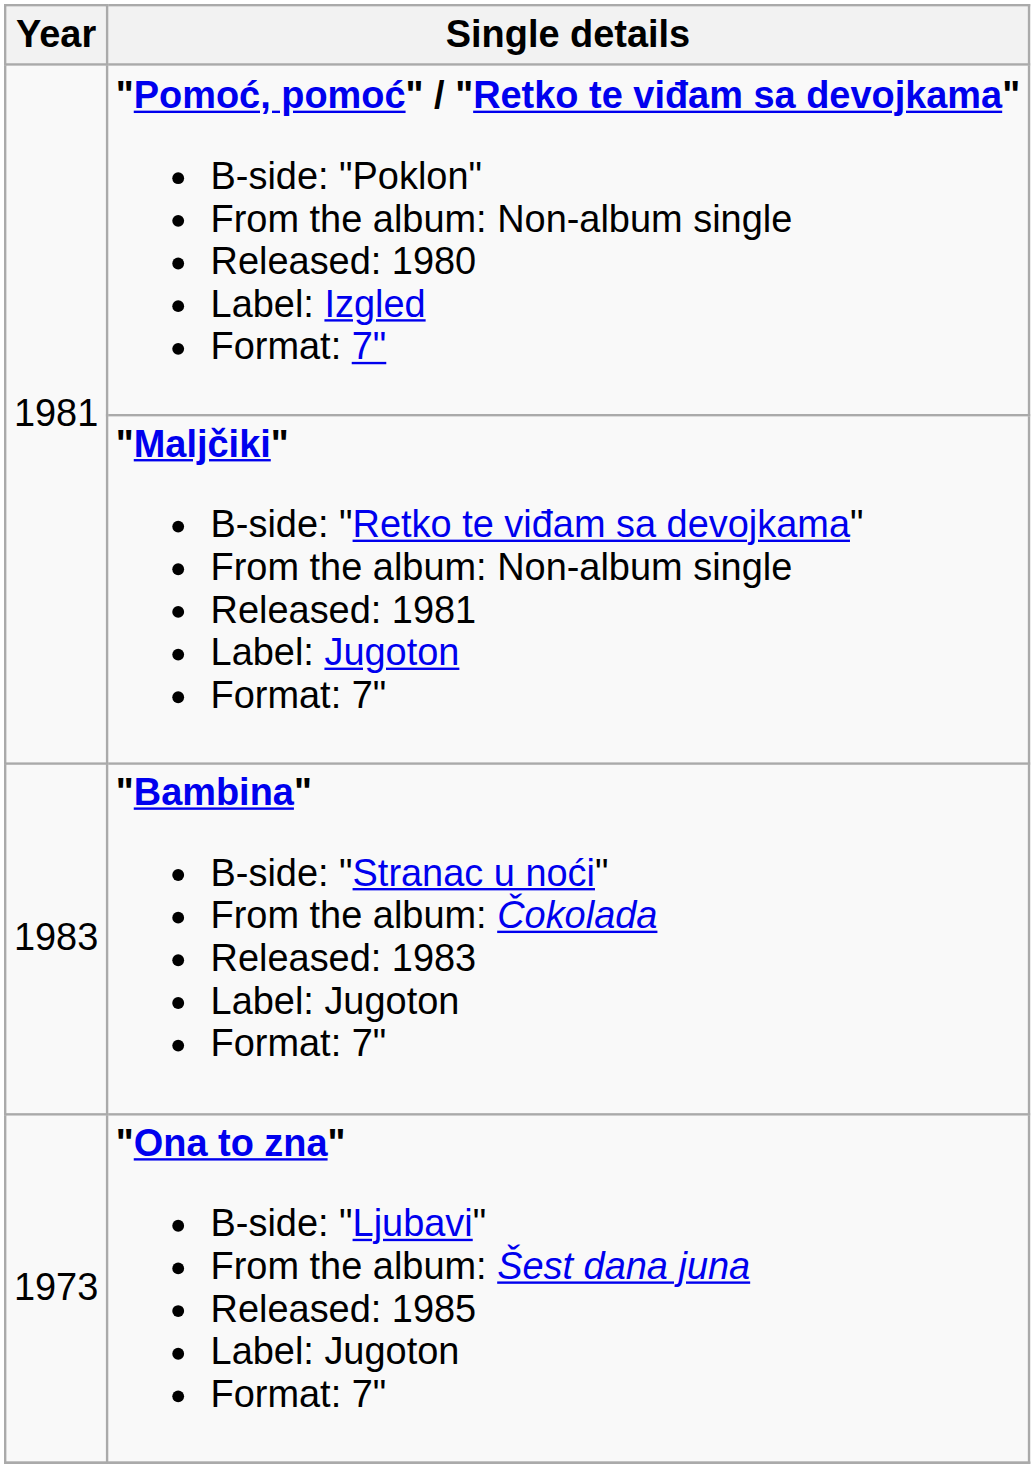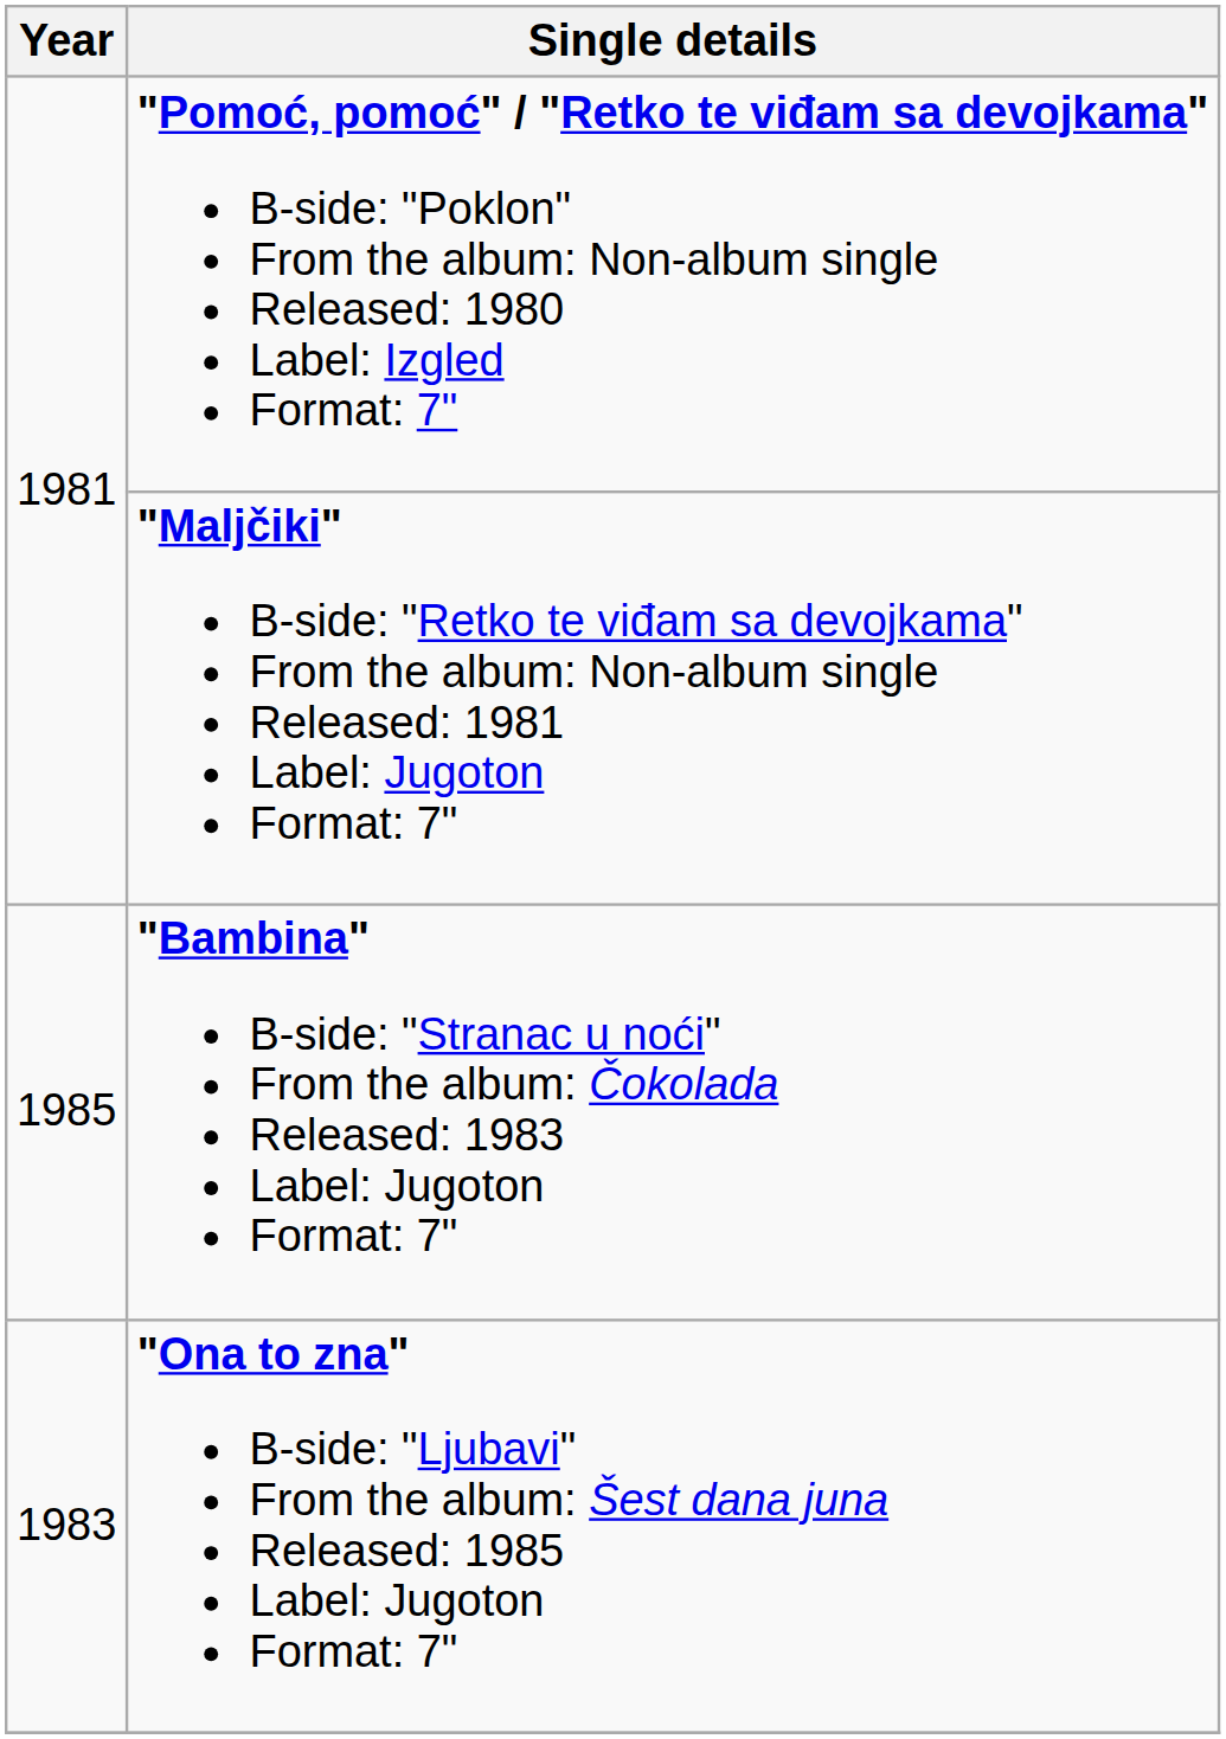 <table class ="wikitable">
 <tr>
 <th>Year</th>
 <th>Single details</th>
 </tr>
 <tr>
 <td align="center" rowspan="2">1981</td>
 <td><strong>"<a href='#'>Pomoć, pomoć</a>" / "<a href='#'>Retko te viđam sa devojkama</a>"</strong><br><ul><li>B-side: "Poklon"</li><li>From the album: Non-album single</li><li>Released: 1980</li><li>Label: <a href='#'>Izgled</a></li><li>Format: <a href='#'>7"</a></li></ul></td>
 </tr>
 <tr>
 <td><strong>"<a href='#'>Maljčiki</a>"</strong><br><ul><li>B-side: "<a href='#'>Retko te viđam sa devojkama</a>"</li><li>From the album: Non-album single</li><li>Released: 1981</li><li>Label: <a href='#'>Jugoton</a></li><li>Format: 7"</li></ul></td>
 </tr>
 <tr>
-<td align="center" rowspan="1">1983</td>
+<td align="center" rowspan="1">1985</td>
 <td><strong>"<a href='#'>Bambina</a>"</strong><br><ul><li>B-side: "<a href='#'>Stranac u noći</a>"</li><li>From the album: <em><a href='#'>Čokolada</a></em></li><li>Released: 1983</li><li>Label: Jugoton</li><li>Format: 7"</li></ul></td>
 </tr>
 <tr>
-<td align="center" rowspan="1">1973</td>
+<td align="center" rowspan="1">1983</td>
 <td><strong>"<a href='#'>Ona to zna</a>"</strong><br><ul><li>B-side: "<a href='#'>Ljubavi</a>"</li><li>From the album: <em><a href='#'>Šest dana juna</a></em></li><li>Released: 1985</li><li>Label: Jugoton</li><li>Format: 7"</li></ul></td>
 </tr>
 <tr>
 </tr>
 </table>
